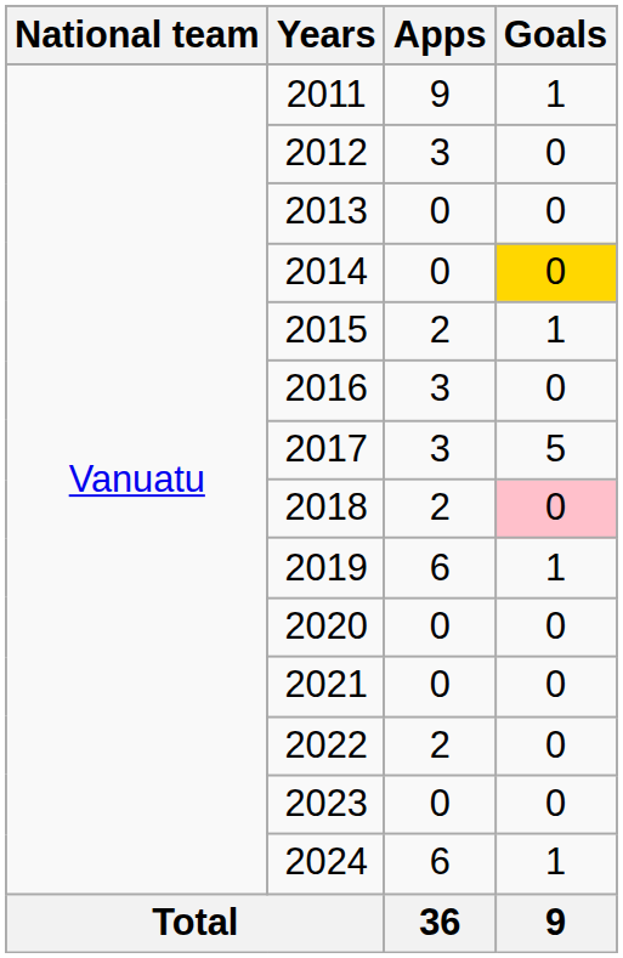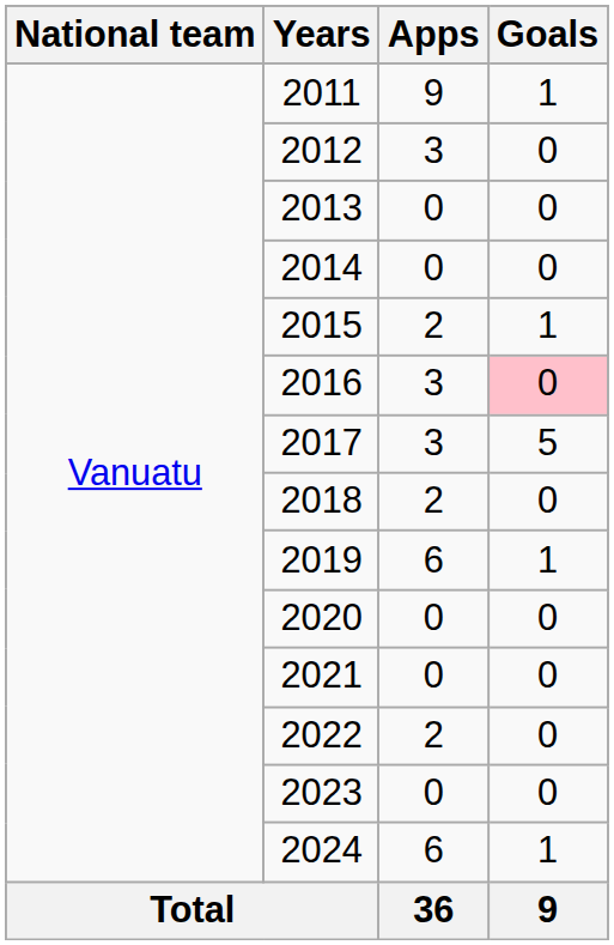 <table class="wikitable" style="text-align:center;">
 <tr>
 <th>National team</th>
 <th>Years</th>
 <th>Apps</th>
 <th>Goals</th>
 </tr>
 <tr>
 <td rowspan="14"><a href='#'>Vanuatu</a></td>
 <td>2011</td>
 <td>9</td>
 <td>1</td>
 </tr>
 <tr>
 <td>2012</td>
 <td>3</td>
 <td>0</td>
 </tr>
 <tr>
 <td>2013</td>
 <td>0</td>
 <td>0</td>
 </tr>
 <tr>
 <td>2014</td>
 <td>0</td>
-<td style="background: gold;">0</td>
+<td>0</td>
 </tr>
 <tr>
 <td>2015</td>
 <td>2</td>
 <td>1</td>
 </tr>
 <tr>
 <td>2016</td>
 <td>3</td>
-<td>0</td>
+<td style="background: pink;">0</td>
 </tr>
 <tr>
 <td>2017</td>
 <td>3</td>
 <td>5</td>
 </tr>
 <tr>
 <td>2018</td>
 <td>2</td>
-<td style="background: pink;">0</td>
+<td>0</td>
 </tr>
 <tr>
 <td>2019</td>
 <td>6</td>
 <td>1</td>
 </tr>
 <tr>
 <td>2020</td>
 <td>0</td>
 <td>0</td>
 </tr>
 <tr>
 <td>2021</td>
 <td>0</td>
 <td>0</td>
 </tr>
 <tr>
 <td>2022</td>
 <td>2</td>
 <td>0</td>
 </tr>
 <tr>
 <td>2023</td>
 <td>0</td>
 <td>0</td>
 </tr>
 <tr>
 <td>2024</td>
 <td>6</td>
 <td>1</td>
 </tr>
 <tr>
 <th colspan=2>Total</th>
 <th>36</th>
 <th>9</th>
 </tr>
 </table>
